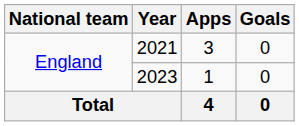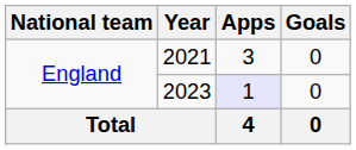 <table class="wikitable" style="text-align: center;">
 <tr>
 <th>National team</th>
 <th>Year</th>
 <th>Apps</th>
 <th>Goals</th>
 </tr>
 <tr>
 <td rowspan="2"><a href='#'>England</a></td>
 <td>2021</td>
 <td>3</td>
 <td>0</td>
 </tr>
 <tr>
 <td>2023</td>
-<td>1</td>
+<td style="background: lavender;">1</td>
 <td>0</td>
 </tr>
 <tr>
 <th colspan="2">Total</th>
 <th>4</th>
 <th>0</th>
 </tr>
 </table>
